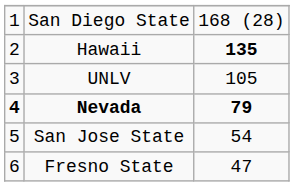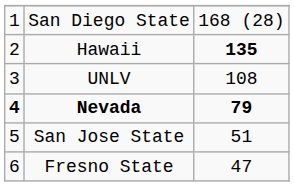 <table class="wikitable" style="display: inline-table;">
 <tr align="center">
 </tr>
 <tr align="center">
 <td>1</td>
 <td>San Diego State</td>
 <td>168 (28)</td>
 </tr>
 <tr align="center">
 <td>2</td>
 <td>Hawaii</td>
 <td><strong>135</strong></td>
 </tr>
 <tr align="center">
 <td>3</td>
 <td>UNLV</td>
-<td>105</td>
+<td>108</td>
 </tr>
 <tr align="center">
 <td><strong>4</strong></td>
 <td><strong>Nevada</strong></td>
 <td><strong>79</strong></td>
 </tr>
 <tr align="center">
 <td>5</td>
 <td>San Jose State</td>
-<td>54</td>
+<td>51</td>
 </tr>
 <tr align="center">
 <td>6</td>
 <td>Fresno State</td>
 <td>47</td>
 </tr>
 </table>
